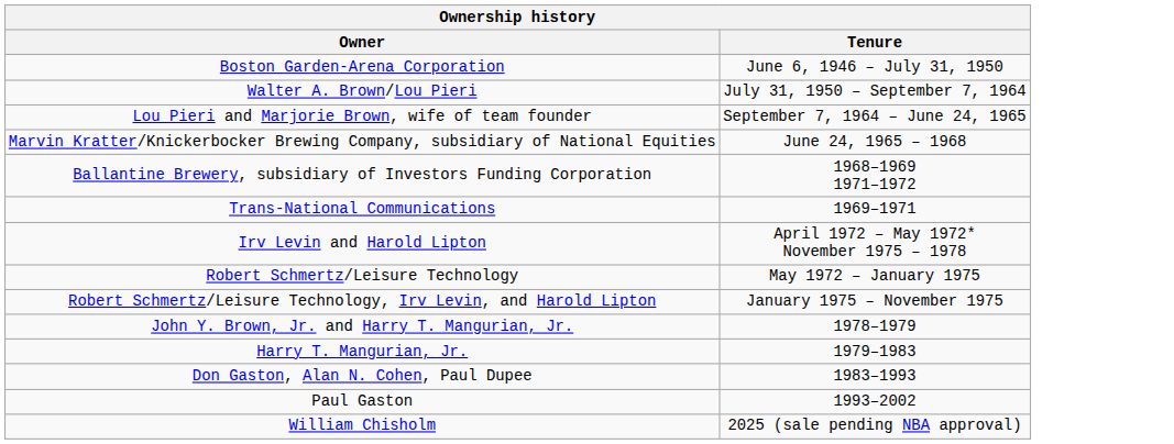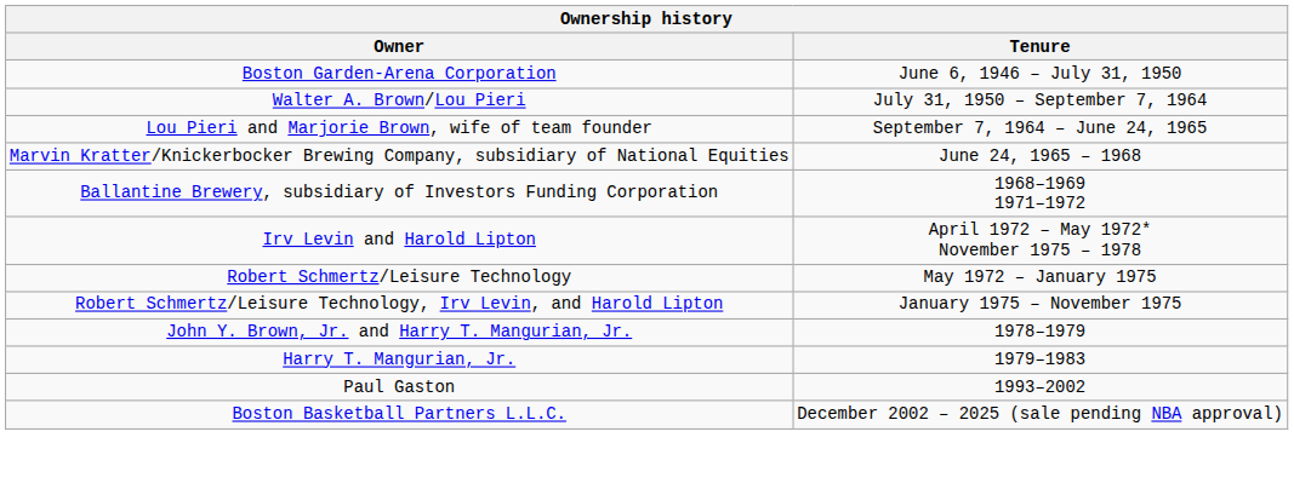 <table class="wikitable" style="text-align:center">
 <tr>
 <th colspan="2">Ownership history</th>
 </tr>
 <tr>
 <th>Owner</th>
 <th>Tenure</th>
 </tr>
 <tr>
 <td><a href='#'>Boston Garden-Arena Corporation</a></td>
 <td>June 6, 1946 – July 31, 1950</td>
 </tr>
 <tr>
 <td><a href='#'>Walter A. Brown</a>/<a href='#'>Lou Pieri</a></td>
 <td>July 31, 1950 – September 7, 1964</td>
 </tr>
 <tr>
 <td><a href='#'>Lou Pieri</a> and <a href='#'>Marjorie Brown</a>, wife of team founder</td>
 <td>September 7, 1964 – June 24, 1965</td>
 </tr>
 <tr>
 <td><a href='#'>Marvin Kratter</a>/Knickerbocker Brewing Company, subsidiary of National Equities</td>
 <td>June 24, 1965 – 1968</td>
 </tr>
 <tr>
 <td><a href='#'>Ballantine Brewery</a>, subsidiary of Investors Funding Corporation</td>
 <td>1968–1969<br>1971–1972</td>
 </tr>
 <tr>
-<td><a href='#'>Trans-National Communications</a></td>
-<td>1969–1971</td>
-</tr>
-<tr>
 <td><a href='#'>Irv Levin</a> and <a href='#'>Harold Lipton</a></td>
 <td>April 1972 – May 1972*<br>November 1975 – 1978</td>
 </tr>
 <tr>
 <td><a href='#'>Robert Schmertz</a>/Leisure Technology</td>
 <td>May 1972 – January 1975</td>
 </tr>
 <tr>
 <td><a href='#'>Robert Schmertz</a>/Leisure Technology, <a href='#'>Irv Levin</a>, and <a href='#'>Harold Lipton</a></td>
 <td>January 1975 – November 1975</td>
 </tr>
 <tr>
 <td><a href='#'>John Y. Brown, Jr.</a> and <a href='#'>Harry T. Mangurian, Jr.</a></td>
 <td>1978–1979</td>
 </tr>
 <tr>
 <td><a href='#'>Harry T. Mangurian, Jr.</a></td>
 <td>1979–1983</td>
 </tr>
 <tr>
-<td><a href='#'>Don Gaston</a>, <a href='#'>Alan N. Cohen</a>, Paul Dupee</td>
-<td>1983–1993</td>
-</tr>
-<tr>
 <td>Paul Gaston</td>
 <td>1993–2002</td>
 </tr>
 <tr>
-<td><a href='#'>William Chisholm</a></td>
-<td>2025 (sale pending <a href='#'>NBA</a> approval)</td>
+<td><a href='#'>Boston Basketball Partners L.L.C.</a></td>
+<td>December 2002 – 2025 (sale pending <a href='#'>NBA</a> approval)</td>
 </tr>
 </table>
